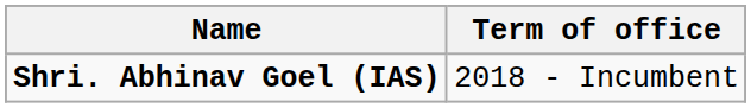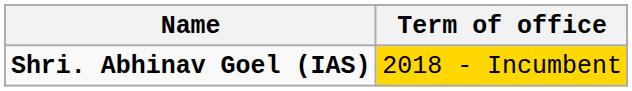 <table class="wikitable">
 <tr>
 <th>Name</th>
 <th>Term of office</th>
 </tr>
 <tr>
 <td><strong>Shri. Abhinav Goel (IAS)</strong></td>
-<td>2018 - Incumbent</td>
+<td style="background: gold;">2018 - Incumbent</td>
 </tr>
 </table>
